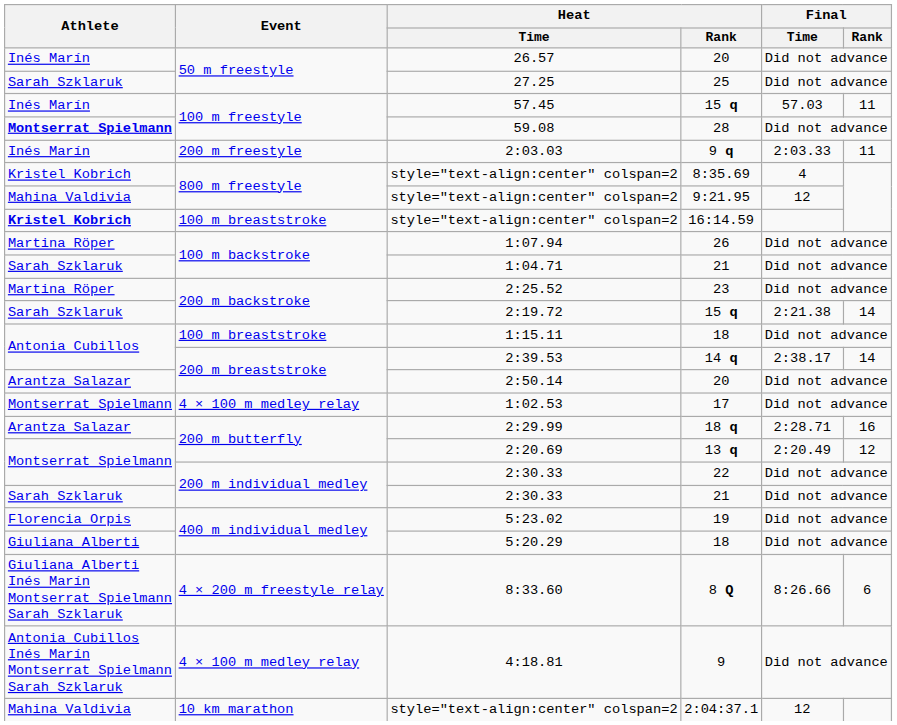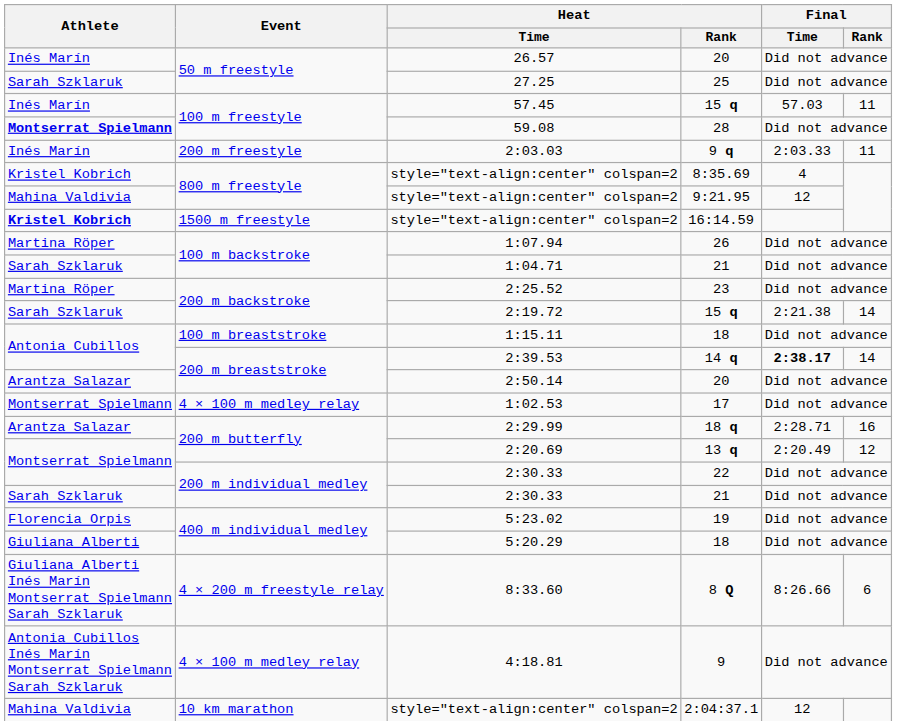 <table class=wikitable style=font-size:90%;text-align:center>
 <tr>
 <th rowspan=2>Athlete</th>
 <th rowspan=2>Event</th>
 <th colspan=2>Heat</th>
 <th colspan=2>Final</th>
 </tr>
 <tr style=font-size:95%>
 <th>Time</th>
 <th>Rank</th>
 <th>Time</th>
 <th>Rank</th>
 </tr>
 <tr>
 <td align=left><a href='#'>Inés Marín</a></td>
 <td align=left rowspan=2><a href='#'>50 m freestyle</a></td>
 <td>26.57</td>
 <td>20</td>
 <td colspan="2">Did not advance</td>
 </tr>
 <tr>
 <td align=left><a href='#'>Sarah Szklaruk</a></td>
 <td>27.25</td>
 <td>25</td>
 <td colspan="2">Did not advance</td>
 </tr>
 <tr>
 <td align=left><a href='#'>Inés Marín</a></td>
 <td align=left rowspan=2><a href='#'>100 m freestyle</a></td>
 <td>57.45</td>
 <td>15 <strong>q</strong></td>
 <td>57.03</td>
 <td>11</td>
 </tr>
 <tr>
 <td align=left><strong><a href='#'>Montserrat Spielmann</a></strong></td>
 <td>59.08</td>
 <td>28</td>
 <td colspan="2">Did not advance</td>
 </tr>
 <tr>
 <td align=left><a href='#'>Inés Marín</a></td>
 <td align=left><a href='#'>200 m freestyle</a></td>
 <td>2:03.03</td>
 <td>9 <strong>q</strong></td>
 <td>2:03.33</td>
 <td>11</td>
 </tr>
 <tr>
 <td align=left><a href='#'>Kristel Kobrich</a></td>
 <td align=left rowspan=2><a href='#'>800 m freestyle</a></td>
 <td>style="text-align:center" colspan=2 </td>
 <td>8:35.69</td>
 <td>4</td>
 </tr>
 <tr>
 <td align=left><a href='#'>Mahina Valdivia</a></td>
 <td>style="text-align:center" colspan=2 </td>
 <td>9:21.95</td>
 <td>12</td>
 </tr>
 <tr>
 <td align=left><strong><a href='#'>Kristel Kobrich</a></strong></td>
-<td align=left><a href='#'>100 m breaststroke</a></td>
+<td align=left><a href='#'>1500 m freestyle</a></td>
 <td>style="text-align:center" colspan=2 </td>
 <td>16:14.59</td>
 <td></td>
 </tr>
 <tr>
 <td align=left><a href='#'>Martina Röper</a></td>
 <td align=left rowspan=2><a href='#'>100 m backstroke</a></td>
 <td>1:07.94</td>
 <td>26</td>
 <td colspan="2">Did not advance</td>
 </tr>
 <tr>
 <td align=left><a href='#'>Sarah Szklaruk</a></td>
 <td>1:04.71</td>
 <td>21</td>
 <td colspan="2">Did not advance</td>
 </tr>
 <tr>
 <td align=left><a href='#'>Martina Röper</a></td>
 <td align=left rowspan=2><a href='#'>200 m backstroke</a></td>
 <td>2:25.52</td>
 <td>23</td>
 <td colspan="2">Did not advance</td>
 </tr>
 <tr>
 <td align=left><a href='#'>Sarah Szklaruk</a></td>
 <td>2:19.72</td>
 <td>15 <strong>q</strong></td>
 <td>2:21.38</td>
 <td>14</td>
 </tr>
 <tr>
 <td align=left rowspan="2"><a href='#'>Antonia Cubillos</a></td>
 <td align=left><a href='#'>100 m breaststroke</a></td>
 <td>1:15.11</td>
 <td>18</td>
 <td colspan="2">Did not advance</td>
 </tr>
 <tr>
 <td align=left rowspan=2><a href='#'>200 m breaststroke</a></td>
 <td>2:39.53</td>
 <td>14 <strong>q</strong></td>
-<td>2:38.17</td>
+<td><strong>2:38.17</strong></td>
 <td>14</td>
 </tr>
 <tr>
 <td align=left><a href='#'>Arantza Salazar</a></td>
 <td>2:50.14</td>
 <td>20</td>
 <td colspan="2">Did not advance</td>
 </tr>
 <tr>
 <td align=left><a href='#'>Montserrat Spielmann</a></td>
 <td align=left><a href='#'>4 × 100 m medley relay</a></td>
 <td>1:02.53</td>
 <td>17</td>
 <td colspan="2">Did not advance</td>
 </tr>
 <tr>
 <td align=left><a href='#'>Arantza Salazar</a></td>
 <td align=left rowspan=2><a href='#'>200 m butterfly</a></td>
 <td>2:29.99</td>
 <td>18 <strong>q</strong></td>
 <td>2:28.71</td>
 <td>16</td>
 </tr>
 <tr>
 <td align=left rowspan="2"><a href='#'>Montserrat Spielmann</a></td>
 <td>2:20.69</td>
 <td>13 <strong>q</strong></td>
 <td>2:20.49</td>
 <td>12</td>
 </tr>
 <tr>
 <td align=left rowspan=2><a href='#'>200 m individual medley</a></td>
 <td>2:30.33</td>
 <td>22</td>
 <td colspan="2">Did not advance</td>
 </tr>
 <tr>
 <td align=left><a href='#'>Sarah Szklaruk</a></td>
 <td>2:30.33</td>
 <td>21</td>
 <td colspan="2">Did not advance</td>
 </tr>
 <tr>
 <td align=left><a href='#'>Florencia Orpis</a></td>
 <td align=left rowspan=2><a href='#'>400 m individual medley</a></td>
 <td>5:23.02</td>
 <td>19</td>
 <td colspan="2">Did not advance</td>
 </tr>
 <tr>
 <td align=left><a href='#'>Giuliana Alberti</a></td>
 <td>5:20.29</td>
 <td>18</td>
 <td colspan="2">Did not advance</td>
 </tr>
 <tr>
 <td align=left><a href='#'>Giuliana Alberti</a><br><a href='#'>Inés Marín</a><br><a href='#'>Montserrat Spielmann</a><br><a href='#'>Sarah Szklaruk</a></td>
 <td align=left><a href='#'>4 × 200 m freestyle relay</a></td>
 <td>8:33.60</td>
 <td>8 <strong>Q</strong></td>
 <td>8:26.66</td>
 <td>6</td>
 </tr>
 <tr>
 <td align=left><a href='#'>Antonia Cubillos</a><br><a href='#'>Inés Marín</a><br><a href='#'>Montserrat Spielmann</a><br><a href='#'>Sarah Szklaruk</a></td>
 <td align=left><a href='#'>4 × 100 m medley relay</a></td>
 <td>4:18.81</td>
 <td>9</td>
 <td colspan="2">Did not advance</td>
 </tr>
 <tr>
 <td align=left><a href='#'>Mahina Valdivia</a></td>
 <td align=left><a href='#'>10 km marathon</a></td>
 <td>style="text-align:center" colspan=2 </td>
 <td>2:04:37.1</td>
 <td>12</td>
 </tr>
 </table>
